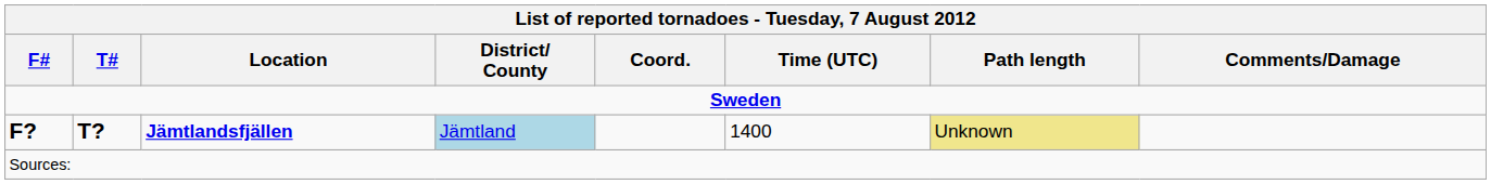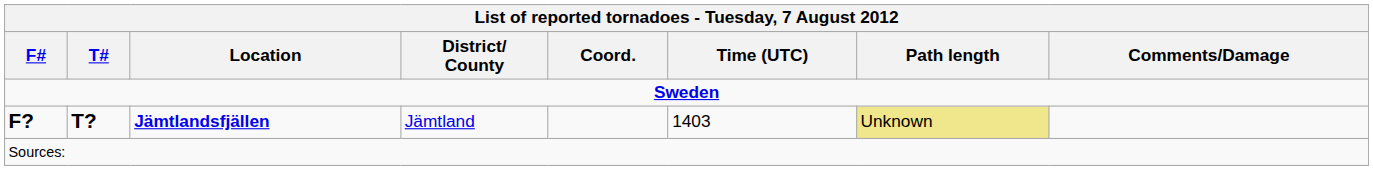 <table class="wikitable collapsible" width="100%">
 <tr>
 <th colspan="8">List of reported tornadoes - Tuesday, 7 August 2012</th>
 </tr>
 <tr>
 <th><a href='#'>F#</a></th>
 <th><a href='#'>T#</a></th>
 <th>Location</th>
 <th>District/<br>County</th>
 <th>Coord.</th>
 <th>Time (UTC)</th>
 <th>Path length</th>
 <th>Comments/Damage</th>
 </tr>
 <tr>
 <td colspan="8" align=center><strong><a href='#'>Sweden</a></strong></td>
 </tr>
 <tr>
 <td><big><strong>F?</strong></big></td>
 <td><big><strong>T?</strong></big></td>
 <td><strong><a href='#'>Jämtlandsfjällen</a></strong></td>
-<td style="background: lightblue;"><a href='#'>Jämtland</a></td>
+<td><a href='#'>Jämtland</a></td>
 <td></td>
-<td>1400</td>
+<td>1403</td>
 <td style="background: khaki;">Unknown</td>
 <td></td>
 </tr>
 <tr>
 <td colspan="8"><small>Sources:  </small></td>
 </tr>
 </table>
